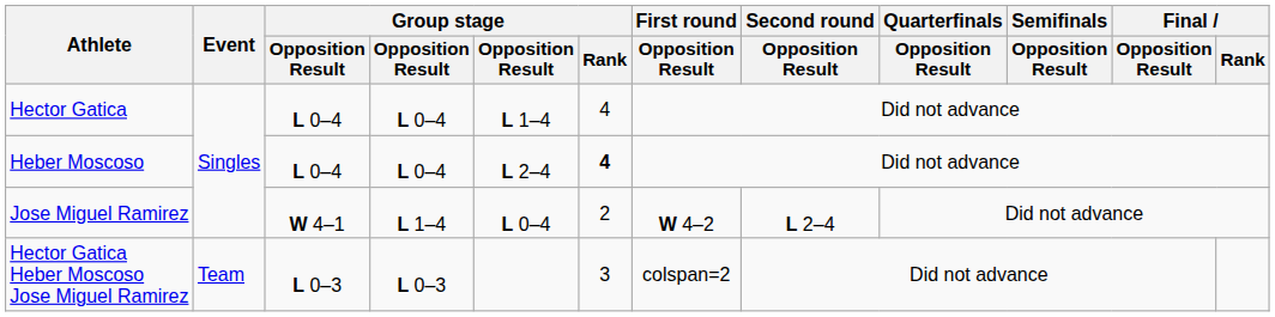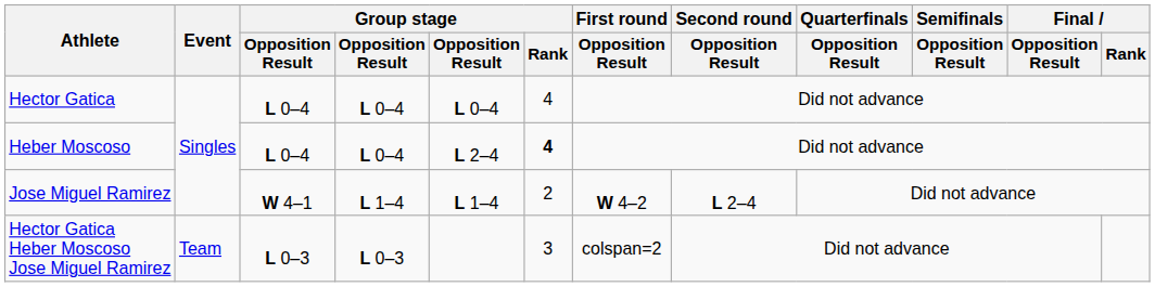 <table class="wikitable" style="font-size:90%">
 <tr>
 <th rowspan=2>Athlete</th>
 <th rowspan=2>Event</th>
 <th colspan=4>Group stage</th>
 <th>First round</th>
 <th>Second round</th>
 <th>Quarterfinals</th>
 <th>Semifinals</th>
 <th colspan=2>Final / </th>
 </tr>
 <tr style="font-size:95%">
 <th>Opposition<br>Result</th>
 <th>Opposition<br>Result</th>
 <th>Opposition<br>Result</th>
 <th>Rank</th>
 <th>Opposition<br>Result</th>
 <th>Opposition<br>Result</th>
 <th>Opposition<br>Result</th>
 <th>Opposition<br>Result</th>
 <th>Opposition<br>Result</th>
 <th>Rank</th>
 </tr>
 <tr align=center>
 <td align=left><a href='#'>Hector Gatica</a></td>
 <td align=left rowspan=3><a href='#'>Singles</a></td>
 <td><br><strong>L</strong> 0–4</td>
 <td><br><strong>L</strong> 0–4</td>
-<td><br><strong>L</strong> 1–4</td>
+<td><br><strong>L</strong> 0–4</td>
 <td>4</td>
 <td colspan=6>Did not advance</td>
 </tr>
 <tr align=center>
 <td align=left><a href='#'>Heber Moscoso</a></td>
 <td><br><strong>L</strong> 0–4</td>
 <td><br><strong>L</strong> 0–4</td>
 <td><br><strong>L</strong> 2–4</td>
 <td><strong>4</strong></td>
 <td colspan=6>Did not advance</td>
 </tr>
 <tr align=center>
 <td align=left><a href='#'>Jose Miguel Ramirez</a></td>
 <td><br><strong>W</strong> 4–1</td>
 <td><br><strong>L</strong> 1–4</td>
-<td><br><strong>L</strong> 0–4</td>
+<td><br><strong>L</strong> 1–4</td>
 <td>2</td>
 <td><br><strong>W</strong> 4–2</td>
 <td><br><strong>L</strong> 2–4</td>
 <td colspan=4>Did not advance</td>
 </tr>
 <tr align=center>
 <td align=left><a href='#'>Hector Gatica</a><br><a href='#'>Heber Moscoso</a><br><a href='#'>Jose Miguel Ramirez</a></td>
 <td align=left><a href='#'>Team</a></td>
 <td><br><strong>L</strong> 0–3</td>
 <td><br><strong>L</strong> 0–3</td>
 <td></td>
 <td>3</td>
 <td>colspan=2 </td>
 <td colspan=4>Did not advance</td>
 </tr>
 </table>
